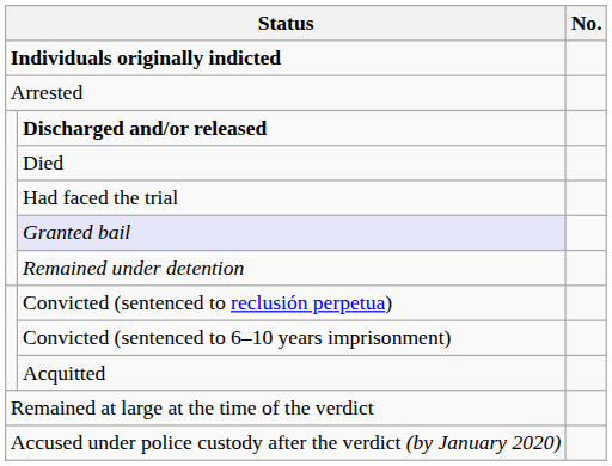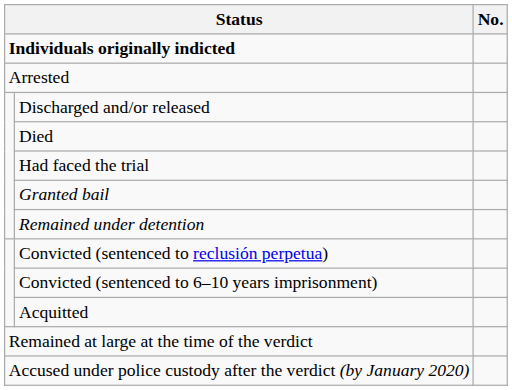 <table class="wikitable" style="line-height:1.20em; font-size:90%;">
 <tr>
 <th colspan="2">Status</th>
 <th>No.</th>
 </tr>
 <tr>
 <td colspan="2"><strong>Individuals originally indicted</strong></td>
 <td><strong></strong></td>
 </tr>
 <tr>
 <td colspan="2">Arrested</td>
 <td></td>
 </tr>
 <tr>
 <td rowspan="5"></td>
-<td><strong>Discharged and/or released</strong></td>
+<td>Discharged and/or released</td>
 <td></td>
 </tr>
 <tr>
 <td>Died</td>
 <td></td>
 </tr>
 <tr>
 <td>Had faced the trial</td>
 <td></td>
 </tr>
 <tr>
-<td style="background: lavender;"><em>Granted bail</em></td>
+<td><em>Granted bail</em></td>
 <td><em></em></td>
 </tr>
 <tr>
 <td><em>Remained under detention</em></td>
 <td><em></em></td>
 </tr>
 <tr>
 <td rowspan="3"></td>
 <td>Convicted (sentenced to <a href='#'>reclusión perpetua</a>)</td>
 <td></td>
 </tr>
 <tr>
 <td>Convicted (sentenced to 6–10 years imprisonment)</td>
 <td></td>
 </tr>
 <tr>
 <td>Acquitted</td>
 <td></td>
 </tr>
 <tr>
 <td colspan="2">Remained at large at the time of the verdict</td>
 <td></td>
 </tr>
 <tr>
 <td colspan="2">Accused under police custody after the verdict <em>(by January 2020)</em></td>
 <td></td>
 </tr>
 </table>
